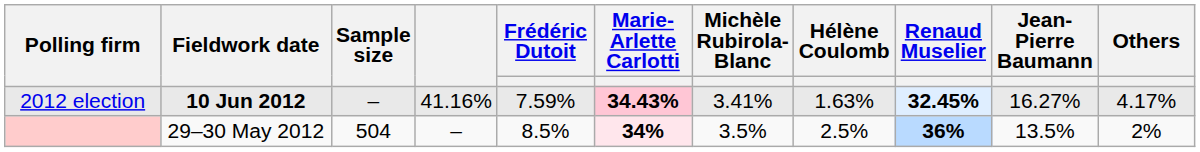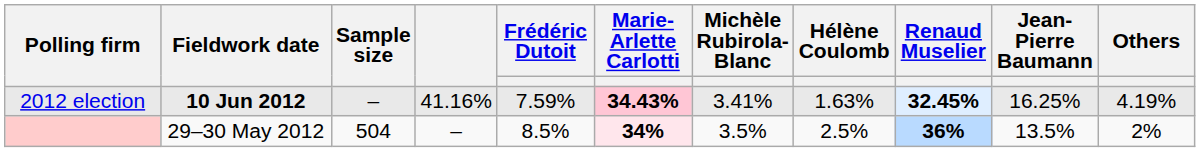 <table class="wikitable sortable" style="text-align:center;font-size:90%;line-height:14px;">
 <tr style="height:40px;">
 <th style="width:100px;" rowspan="2">Polling firm</th>
 <th style="width:110px;" rowspan="2">Fieldwork date</th>
 <th style="width:35px;" rowspan="2">Sample<br>size</th>
 <th style="width:30px;" rowspan="2"></th>
 <th class="unsortable" style="width:60px;"><a href='#'>Frédéric Dutoit</a><br></th>
 <th class="unsortable" style="width:60px;"><a href='#'>Marie-Arlette Carlotti</a><br></th>
 <th class="unsortable" style="width:60px;">Michèle Rubirola-Blanc<br></th>
 <th class="unsortable" style="width:60px;">Hélène Coulomb<br></th>
 <th class="unsortable" style="width:60px;"><a href='#'>Renaud Muselier</a><br></th>
 <th class="unsortable" style="width:60px;">Jean-Pierre Baumann<br></th>
 <th class="unsortable" style="width:60px;">Others</th>
 </tr>
 <tr>
 <th style="background:"></th>
 <th style="background:"></th>
 <th style="background:"></th>
 <th style="background:"></th>
 <th style="background:"></th>
 <th style="background:"></th>
 <th style="background:"></th>
 </tr>
 <tr style="background:#E9E9E9;">
 <td><a href='#'>2012 election</a></td>
 <td data-sort-value="2012-06-10"><strong>10 Jun 2012</strong></td>
 <td>–</td>
 <td>41.16%</td>
 <td>7.59%</td>
 <td style="background:#FFC6D5;"><strong>34.43%</strong></td>
 <td>3.41%</td>
 <td>1.63%</td>
 <td style="background:#DFEEFF;"><strong>32.45%</strong></td>
-<td>16.27%</td>
-<td>4.17%</td>
+<td>16.25%</td>
+<td>4.19%</td>
 </tr>
 <tr>
 <td style="background:#FFCCCC;"></td>
 <td data-sort-value="2012-05-30">29–30 May 2012</td>
 <td>504</td>
 <td>–</td>
 <td>8.5%</td>
 <td style="background:#FFE6EC;"><strong>34%</strong></td>
 <td>3.5%</td>
 <td>2.5%</td>
 <td style="background:#B9DAFF;"><strong>36%</strong></td>
 <td>13.5%</td>
 <td>2%</td>
 </tr>
 </table>
